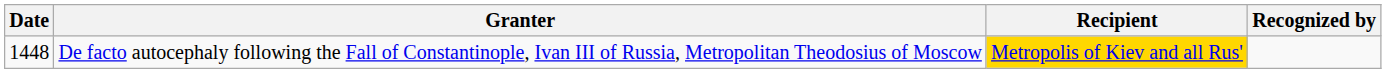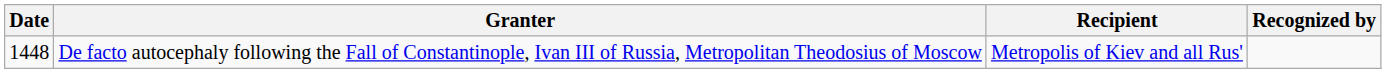 <table class="wikitable">
 <tr>
 <th>Date</th>
 <th>Granter</th>
 <th>Recipient</th>
 <th>Recognized by</th>
 </tr>
 <tr>
 <td>1448</td>
 <td><a href='#'>De facto</a> autocephaly following the <a href='#'>Fall of Constantinople</a>, <a href='#'>Ivan III of Russia</a>,  <a href='#'>Metropolitan Theodosius of Moscow</a></td>
-<td style="background: gold;"><a href='#'>Metropolis of Kiev and all Rus'</a></td>
+<td><a href='#'>Metropolis of Kiev and all Rus'</a></td>
 <td></td>
 </tr>
 </table>
